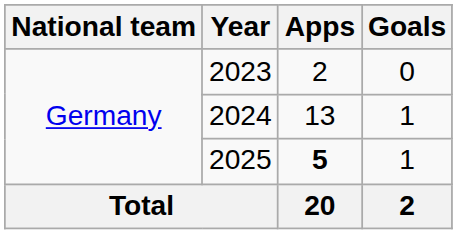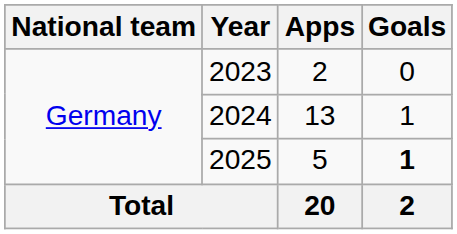 <table class="wikitable" style="text-align:center">
 <tr>
 <th>National team</th>
 <th>Year</th>
 <th>Apps</th>
 <th>Goals</th>
 </tr>
 <tr>
 <td rowspan="3"><a href='#'>Germany</a></td>
 <td>2023</td>
 <td>2</td>
 <td>0</td>
 </tr>
 <tr>
 <td>2024</td>
 <td>13</td>
 <td>1</td>
 </tr>
 <tr>
 <td>2025</td>
-<td><strong>5</strong></td>
-<td>1</td>
+<td>5</td>
+<td><strong>1</strong></td>
 </tr>
 <tr>
 <th colspan="2">Total</th>
 <th>20</th>
 <th>2</th>
 </tr>
 </table>
